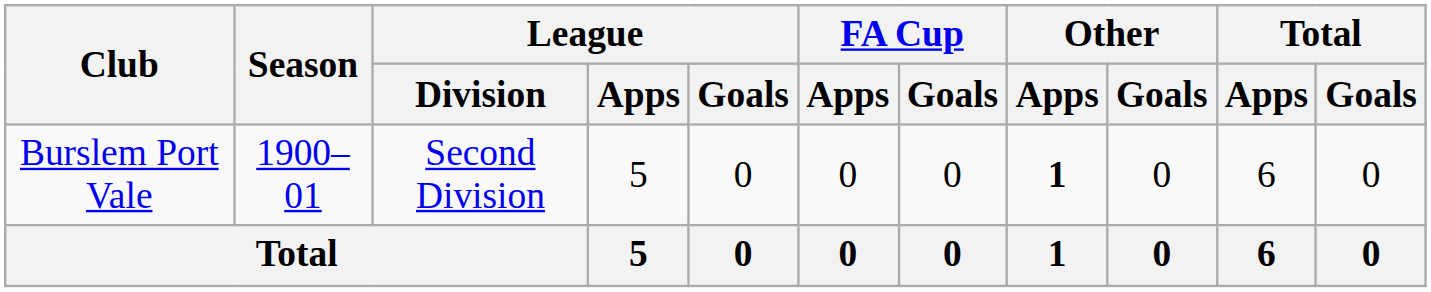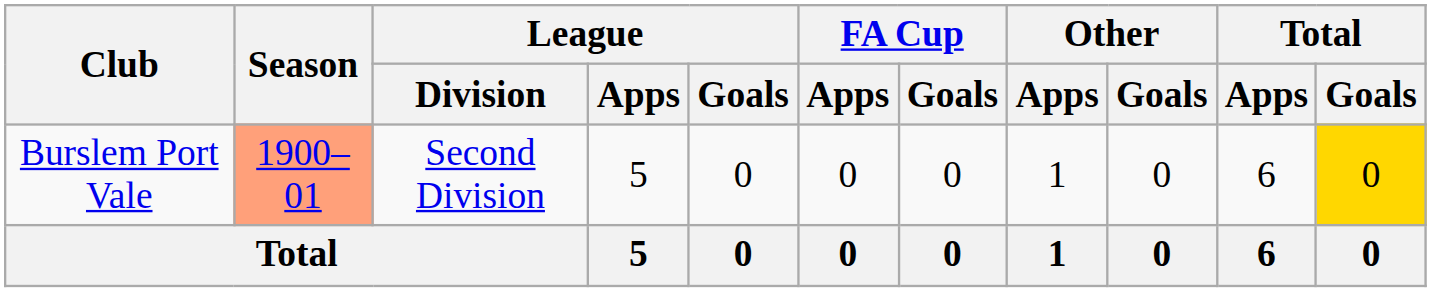 <table class="wikitable" style="text-align:center">
 <tr>
 <th rowspan="2">Club</th>
 <th rowspan="2">Season</th>
 <th colspan="3">League</th>
 <th colspan="2"><a href='#'>FA Cup</a></th>
 <th colspan="2">Other</th>
 <th colspan="2">Total</th>
 </tr>
 <tr>
 <th>Division</th>
 <th>Apps</th>
 <th>Goals</th>
 <th>Apps</th>
 <th>Goals</th>
 <th>Apps</th>
 <th>Goals</th>
 <th>Apps</th>
 <th>Goals</th>
 </tr>
 <tr>
 <td><a href='#'>Burslem Port Vale</a></td>
-<td><a href='#'>1900–01</a></td>
+<td style="background: lightsalmon;"><a href='#'>1900–01</a></td>
 <td><a href='#'>Second Division</a></td>
 <td>5</td>
 <td>0</td>
 <td>0</td>
 <td>0</td>
-<td><strong>1</strong></td>
+<td>1</td>
 <td>0</td>
 <td>6</td>
-<td>0</td>
+<td style="background: gold;">0</td>
 </tr>
 <tr>
 <th colspan="3">Total</th>
 <th>5</th>
 <th>0</th>
 <th>0</th>
 <th>0</th>
 <th>1</th>
 <th>0</th>
 <th>6</th>
 <th>0</th>
 </tr>
 </table>
